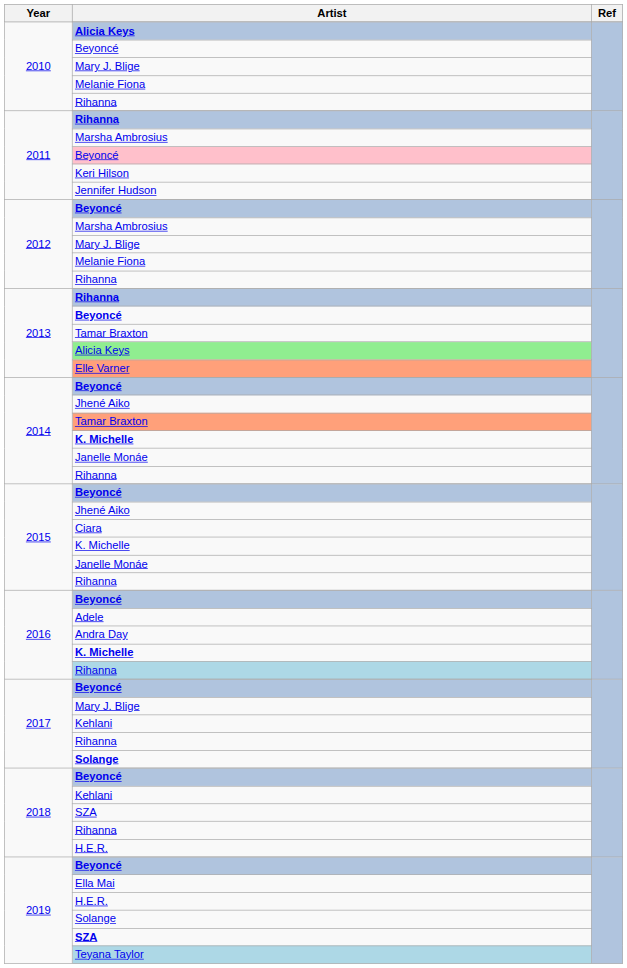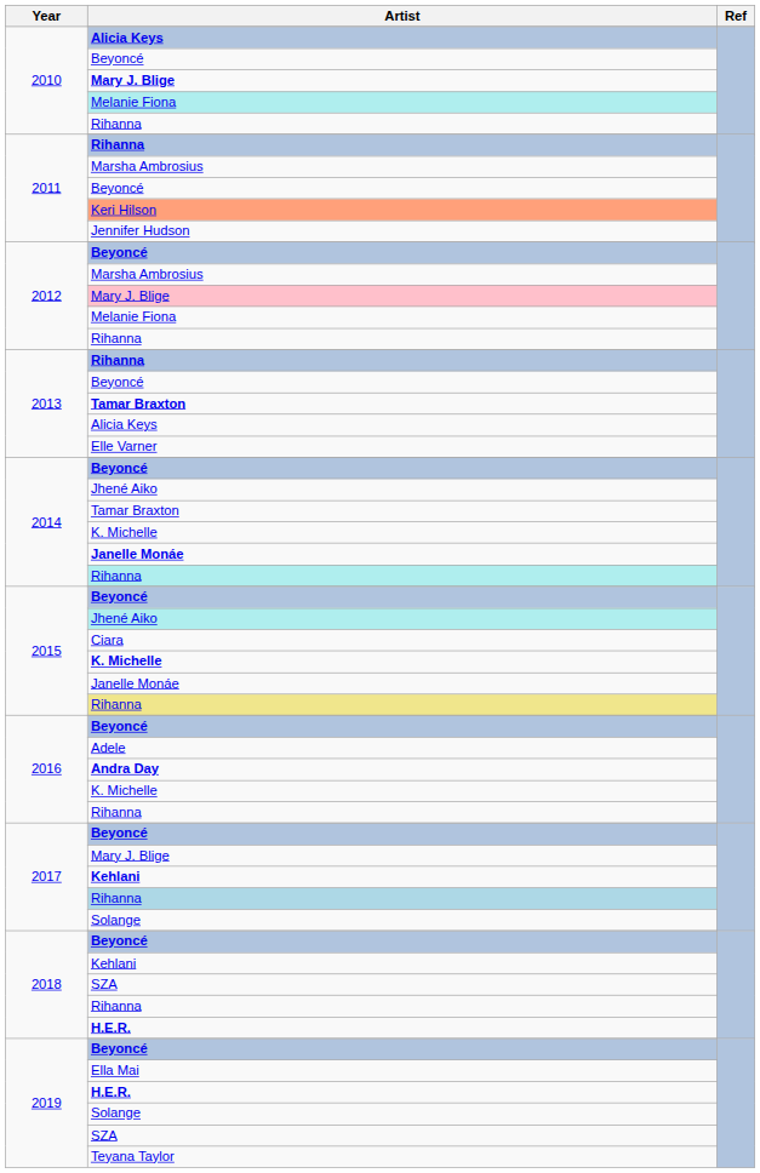 <table class="wikitable" style="width:100%;">
 <tr style="background:#bebebe;">
 <th style="width:11%;">Year</th>
 <th style="width:84%;">Artist</th>
 <th style="width:5%;">Ref</th>
 </tr>
 <tr>
 <td rowspan="6" align="center"><a href='#'>2010</a></td>
 </tr>
 <tr style="background:#B0C4DE">
 <td><strong><a href='#'>Alicia Keys</a></strong></td>
 <td rowspan="6" align="center"></td>
 </tr>
 <tr>
 <td><a href='#'>Beyoncé</a></td>
 </tr>
 <tr>
-<td><a href='#'>Mary J. Blige</a></td>
+<td><strong><a href='#'>Mary J. Blige</a></strong></td>
 </tr>
 <tr>
-<td><a href='#'>Melanie Fiona</a></td>
+<td style="background: paleturquoise;"><a href='#'>Melanie Fiona</a></td>
 </tr>
 <tr>
 <td><a href='#'>Rihanna</a></td>
 </tr>
 <tr>
 <td rowspan="6" align="center"><a href='#'>2011</a></td>
 </tr>
 <tr style="background:#B0C4DE">
 <td><strong><a href='#'>Rihanna</a></strong></td>
 <td rowspan="6" align="center"></td>
 </tr>
 <tr>
 <td><a href='#'>Marsha Ambrosius</a></td>
 </tr>
 <tr>
-<td style="background: pink;"><a href='#'>Beyoncé</a></td>
+<td><a href='#'>Beyoncé</a></td>
 </tr>
 <tr>
-<td><a href='#'>Keri Hilson</a></td>
+<td style="background: lightsalmon;"><a href='#'>Keri Hilson</a></td>
 </tr>
 <tr>
 <td><a href='#'>Jennifer Hudson</a></td>
 </tr>
 <tr>
 <td rowspan="6" align="center"><a href='#'>2012</a></td>
 </tr>
 <tr style="background:#B0C4DE">
 <td><strong><a href='#'>Beyoncé</a></strong></td>
 <td rowspan="6" align="center"></td>
 </tr>
 <tr>
 <td><a href='#'>Marsha Ambrosius</a></td>
 </tr>
 <tr>
-<td><a href='#'>Mary J. Blige</a></td>
+<td style="background: pink;"><a href='#'>Mary J. Blige</a></td>
 </tr>
 <tr>
 <td><a href='#'>Melanie Fiona</a></td>
 </tr>
 <tr>
 <td><a href='#'>Rihanna</a></td>
 </tr>
 <tr>
 <td rowspan="6" align="center"><a href='#'>2013</a></td>
 </tr>
 <tr style="background:#B0C4DE">
 <td><strong><a href='#'>Rihanna</a></strong></td>
 <td rowspan="6" align="center"></td>
 </tr>
 <tr>
-<td><strong><a href='#'>Beyoncé</a></strong></td>
+<td><a href='#'>Beyoncé</a></td>
 </tr>
 <tr>
-<td><a href='#'>Tamar Braxton</a></td>
+<td><strong><a href='#'>Tamar Braxton</a></strong></td>
 </tr>
 <tr>
-<td style="background: lightgreen;"><a href='#'>Alicia Keys</a></td>
+<td><a href='#'>Alicia Keys</a></td>
 </tr>
 <tr>
-<td style="background: lightsalmon;"><a href='#'>Elle Varner</a></td>
+<td><a href='#'>Elle Varner</a></td>
 </tr>
 <tr>
 <td rowspan="7" align="center"><a href='#'>2014</a></td>
 </tr>
 <tr style="background:#B0C4DE">
 <td><strong><a href='#'>Beyoncé</a></strong></td>
 <td rowspan="7" align="center"></td>
 </tr>
 <tr>
 <td><a href='#'>Jhené Aiko</a></td>
 </tr>
 <tr>
-<td style="background: lightsalmon;"><a href='#'>Tamar Braxton</a></td>
+<td><a href='#'>Tamar Braxton</a></td>
 </tr>
 <tr>
-<td><strong><a href='#'>K. Michelle</a></strong></td>
+<td><a href='#'>K. Michelle</a></td>
 </tr>
 <tr>
-<td><a href='#'>Janelle Monáe</a></td>
+<td><strong><a href='#'>Janelle Monáe</a></strong></td>
 </tr>
 <tr>
-<td><a href='#'>Rihanna</a></td>
+<td style="background: paleturquoise;"><a href='#'>Rihanna</a></td>
 </tr>
 <tr>
 <td rowspan="7" align="center"><a href='#'>2015</a></td>
 </tr>
 <tr style="background:#B0C4DE">
 <td><strong><a href='#'>Beyoncé</a></strong></td>
 <td rowspan="7" align="center"></td>
 </tr>
 <tr>
-<td><a href='#'>Jhené Aiko</a></td>
+<td style="background: paleturquoise;"><a href='#'>Jhené Aiko</a></td>
 </tr>
 <tr>
 <td><a href='#'>Ciara</a></td>
 </tr>
 <tr>
-<td><a href='#'>K. Michelle</a></td>
+<td><strong><a href='#'>K. Michelle</a></strong></td>
 </tr>
 <tr>
 <td><a href='#'>Janelle Monáe</a></td>
 </tr>
 <tr>
-<td><a href='#'>Rihanna</a></td>
+<td style="background: khaki;"><a href='#'>Rihanna</a></td>
 </tr>
 <tr>
 <td rowspan="6" align="center"><a href='#'>2016</a></td>
 </tr>
 <tr style="background:#B0C4DE">
 <td><strong><a href='#'>Beyoncé</a></strong></td>
 <td rowspan="6" align="center"></td>
 </tr>
 <tr>
 <td><a href='#'>Adele</a></td>
 </tr>
 <tr>
-<td><a href='#'>Andra Day</a></td>
+<td><strong><a href='#'>Andra Day</a></strong></td>
 </tr>
 <tr>
-<td><strong><a href='#'>K. Michelle</a></strong></td>
+<td><a href='#'>K. Michelle</a></td>
 </tr>
 <tr>
-<td style="background: lightblue;"><a href='#'>Rihanna</a></td>
+<td><a href='#'>Rihanna</a></td>
 </tr>
 <tr>
 <td rowspan="6" align="center"><a href='#'>2017</a></td>
 </tr>
 <tr style="background:#B0C4DE">
 <td><strong><a href='#'>Beyoncé</a></strong></td>
 <td rowspan="6" align="center"></td>
 </tr>
 <tr>
 <td><a href='#'>Mary J. Blige</a></td>
 </tr>
 <tr>
-<td><a href='#'>Kehlani</a></td>
+<td><strong><a href='#'>Kehlani</a></strong></td>
 </tr>
 <tr>
-<td><a href='#'>Rihanna</a></td>
+<td style="background: lightblue;"><a href='#'>Rihanna</a></td>
 </tr>
 <tr>
-<td><strong><a href='#'>Solange</a></strong></td>
+<td><a href='#'>Solange</a></td>
 </tr>
 <tr>
 <td rowspan="6" align="center"><a href='#'>2018</a></td>
 </tr>
 <tr style="background:#B0C4DE">
 <td><strong><a href='#'>Beyoncé</a></strong></td>
 <td rowspan="6" align="center"></td>
 </tr>
 <tr>
 <td><a href='#'>Kehlani</a></td>
 </tr>
 <tr>
 <td><a href='#'>SZA</a></td>
 </tr>
 <tr>
 <td><a href='#'>Rihanna</a></td>
 </tr>
 <tr>
-<td><a href='#'>H.E.R.</a></td>
+<td><strong><a href='#'>H.E.R.</a></strong></td>
 </tr>
 <tr>
 <td rowspan="7" align="center"><a href='#'>2019</a></td>
 </tr>
 <tr style="background:#B0C4DE">
 <td><strong><a href='#'>Beyoncé</a></strong></td>
 <td rowspan="7" align="center"></td>
 </tr>
 <tr>
 <td><a href='#'>Ella Mai</a></td>
 </tr>
 <tr>
-<td><a href='#'>H.E.R.</a></td>
+<td><strong><a href='#'>H.E.R.</a></strong></td>
 </tr>
 <tr>
 <td><a href='#'>Solange</a></td>
 </tr>
 <tr>
-<td><strong><a href='#'>SZA</a></strong></td>
+<td><a href='#'>SZA</a></td>
 </tr>
 <tr>
-<td style="background: lightblue;"><a href='#'>Teyana Taylor</a></td>
+<td><a href='#'>Teyana Taylor</a></td>
 </tr>
 </table>
